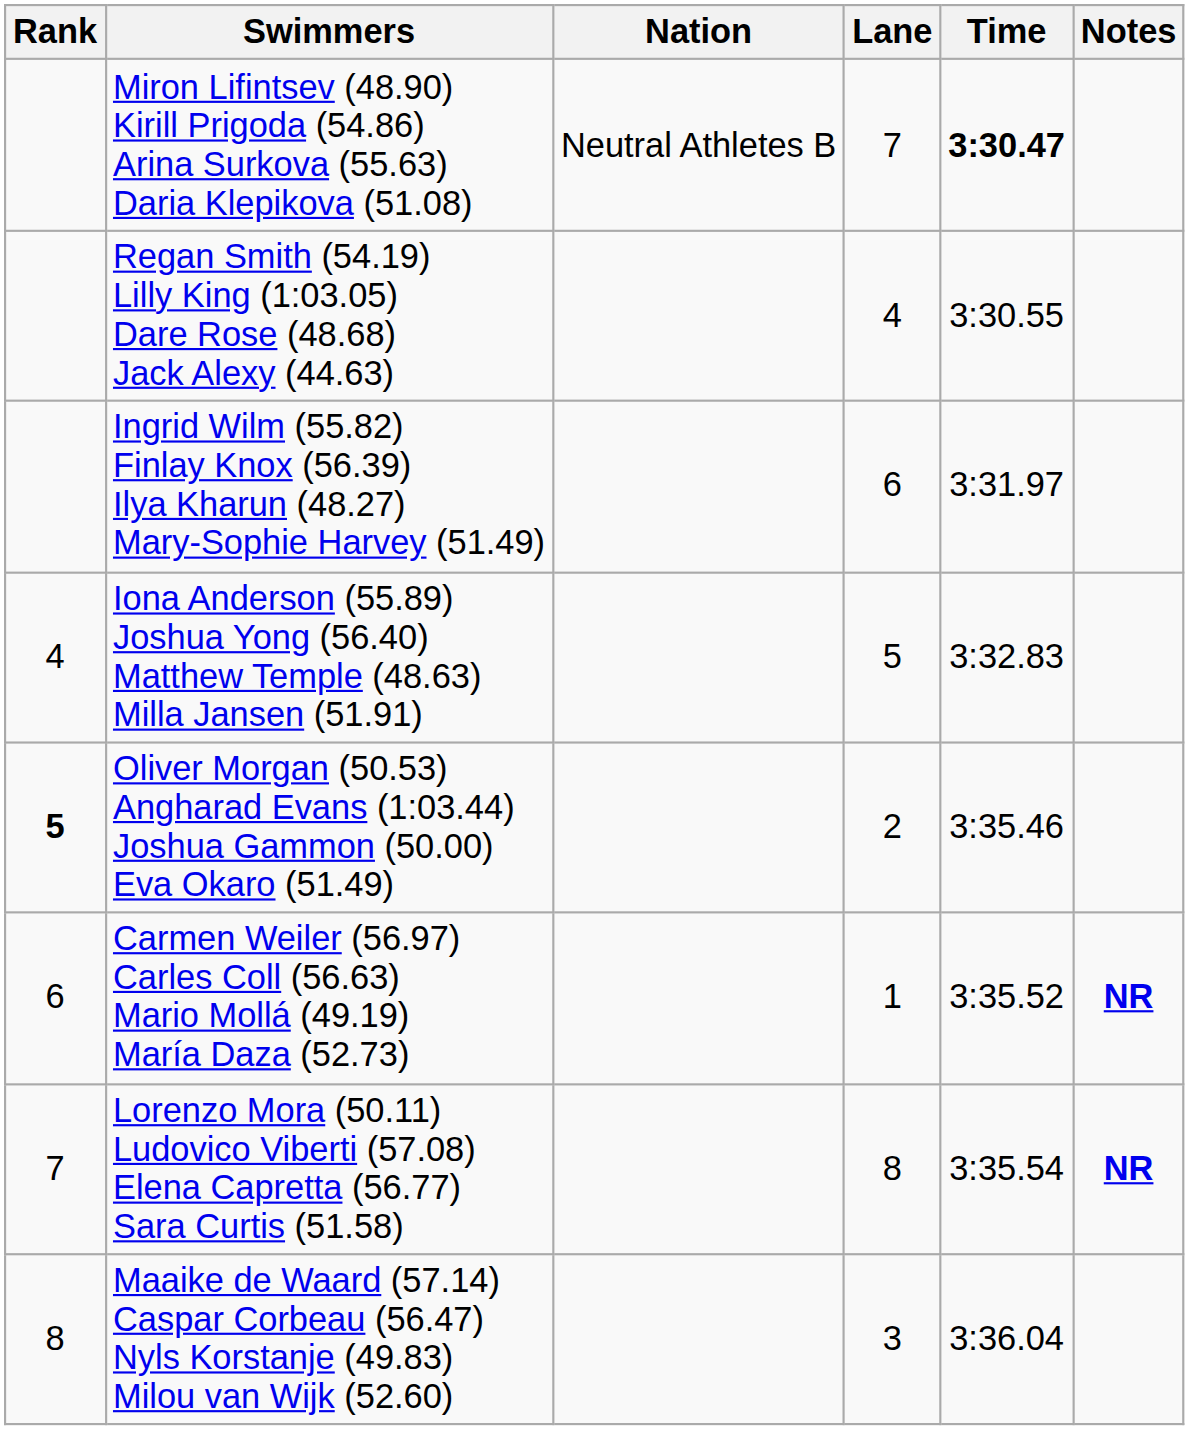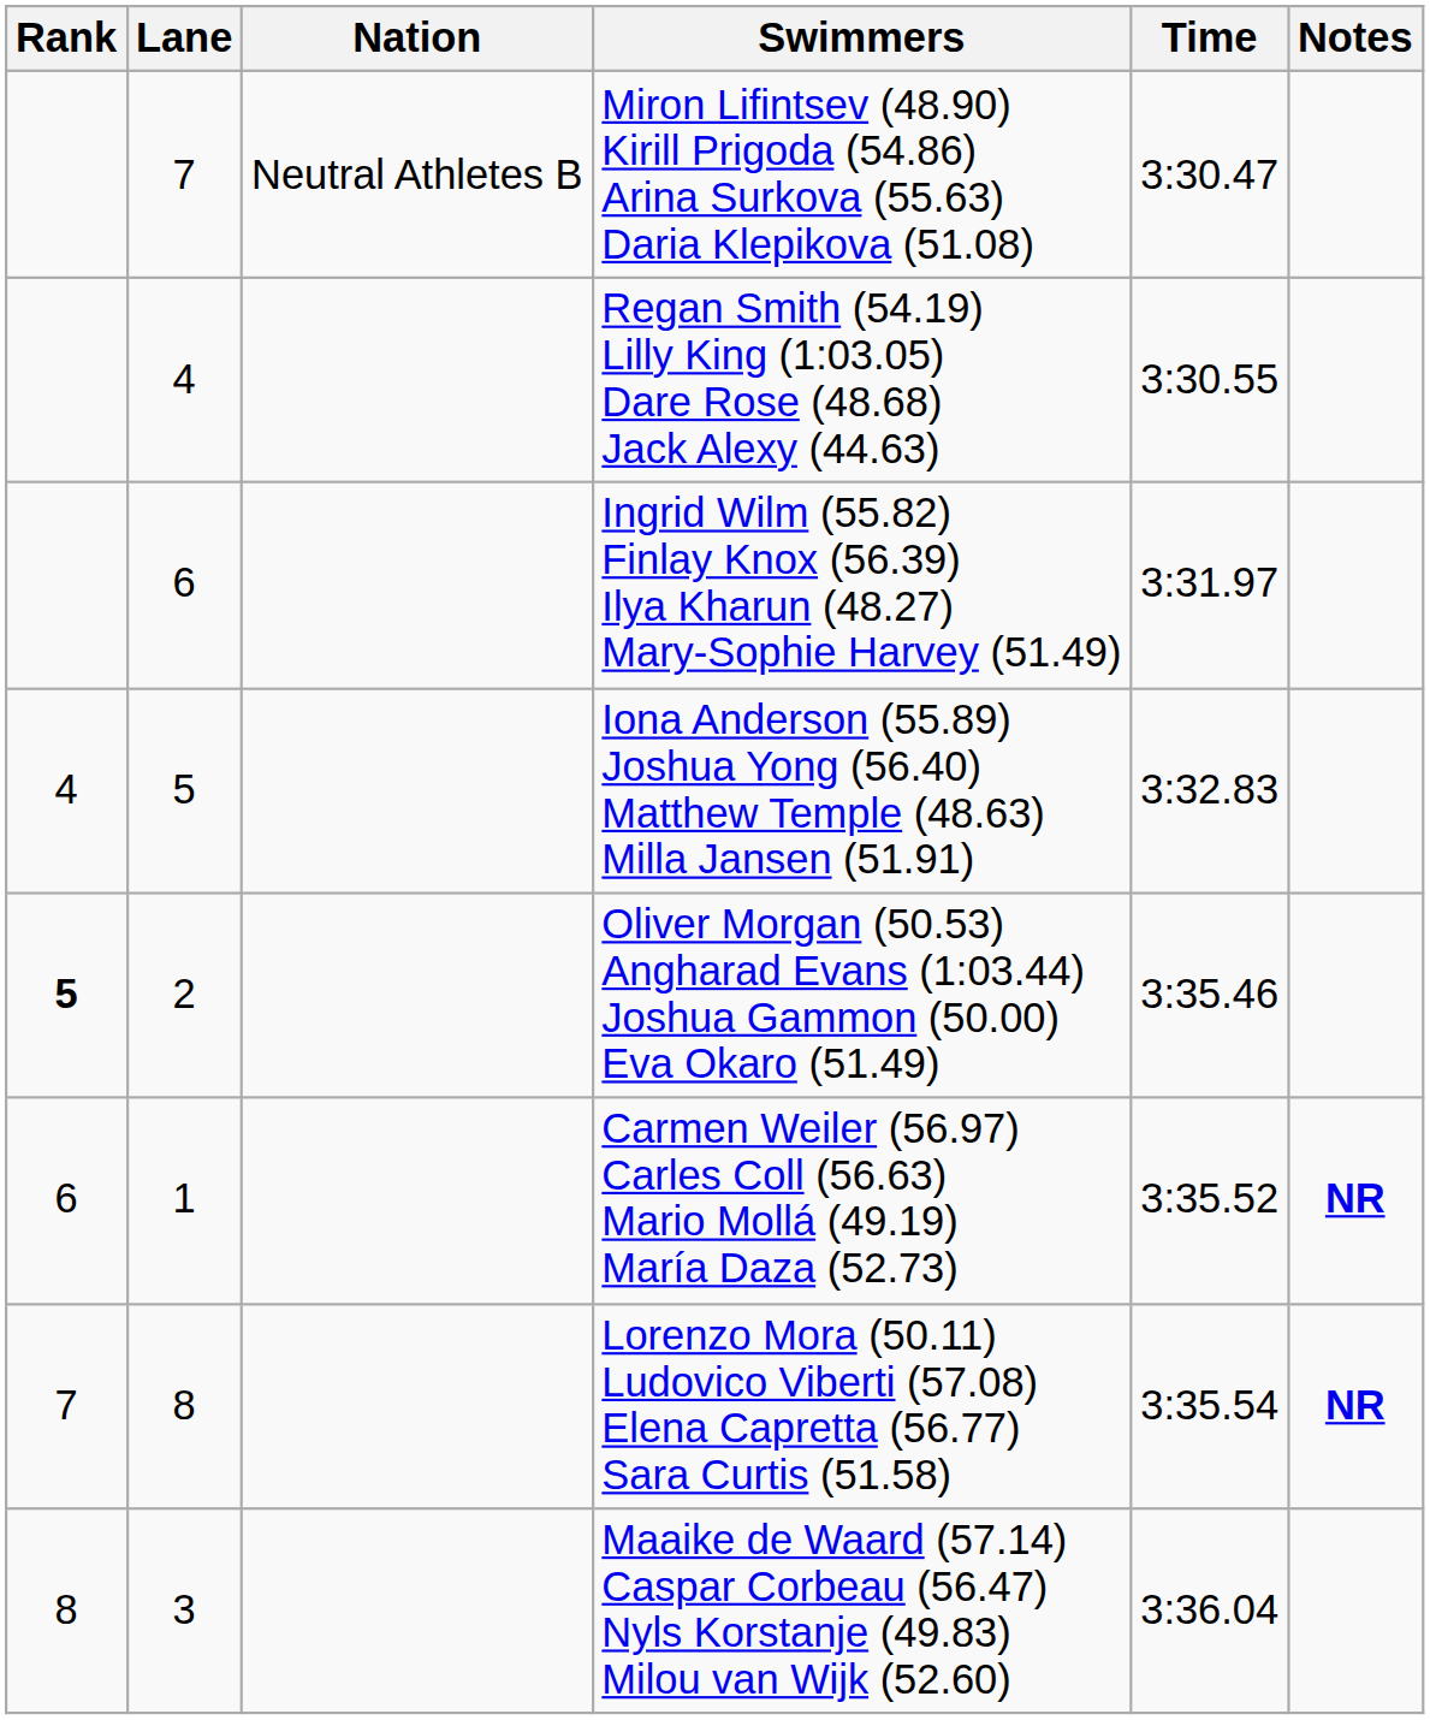 <table class="wikitable sortable" style="text-align:center">
 <tr>
 <th>Rank</th>
+<th>Lane</th>
+<th>Nation</th>
 <th>Swimmers</th>
-<th>Nation</th>
-<th>Lane</th>
 <th>Time</th>
 <th>Notes</th>
 </tr>
 <tr>
 <td></td>
+<td>7</td>
+<td align=left> Neutral Athletes B</td>
 <td align=left><a href='#'>Miron Lifintsev</a> (48.90)<br><a href='#'>Kirill Prigoda</a> (54.86)<br><a href='#'>Arina Surkova</a> (55.63)<br><a href='#'>Daria Klepikova</a> (51.08)</td>
-<td align=left> Neutral Athletes B</td>
-<td>7</td>
-<td><strong>3:30.47</strong></td>
+<td>3:30.47</td>
 <td></td>
 </tr>
 <tr>
 <td></td>
+<td>4</td>
+<td align=left></td>
 <td align=left><a href='#'>Regan Smith</a> (54.19)<br><a href='#'>Lilly King</a> (1:03.05)<br><a href='#'>Dare Rose</a> (48.68)<br><a href='#'>Jack Alexy</a> (44.63)</td>
-<td align=left></td>
-<td>4</td>
 <td>3:30.55</td>
 <td></td>
 </tr>
 <tr>
 <td></td>
+<td>6</td>
+<td align=left></td>
 <td align=left><a href='#'>Ingrid Wilm</a> (55.82)<br><a href='#'>Finlay Knox</a> (56.39)<br><a href='#'>Ilya Kharun</a> (48.27)<br><a href='#'>Mary-Sophie Harvey</a> (51.49)</td>
-<td align=left></td>
-<td>6</td>
 <td>3:31.97</td>
 <td></td>
 </tr>
 <tr>
 <td>4</td>
+<td>5</td>
+<td align=left></td>
 <td align=left><a href='#'>Iona Anderson</a> (55.89)<br><a href='#'>Joshua Yong</a> (56.40)<br><a href='#'>Matthew Temple</a> (48.63)<br><a href='#'>Milla Jansen</a> (51.91)</td>
-<td align=left></td>
-<td>5</td>
 <td>3:32.83</td>
 <td></td>
 </tr>
 <tr>
 <td><strong>5</strong></td>
+<td>2</td>
+<td align=left></td>
 <td align=left><a href='#'>Oliver Morgan</a> (50.53)<br><a href='#'>Angharad Evans</a> (1:03.44)<br><a href='#'>Joshua Gammon</a> (50.00)<br><a href='#'>Eva Okaro</a> (51.49)</td>
-<td align=left></td>
-<td>2</td>
 <td>3:35.46</td>
 <td></td>
 </tr>
 <tr>
 <td>6</td>
+<td>1</td>
+<td align=left></td>
 <td align=left><a href='#'>Carmen Weiler</a> (56.97)<br><a href='#'>Carles Coll</a> (56.63)<br><a href='#'>Mario Mollá</a> (49.19)<br><a href='#'>María Daza</a> (52.73)</td>
-<td align=left></td>
-<td>1</td>
 <td>3:35.52</td>
 <td><strong><a href='#'>NR</a></strong></td>
 </tr>
 <tr>
 <td>7</td>
+<td>8</td>
+<td align=left></td>
 <td align=left><a href='#'>Lorenzo Mora</a> (50.11)<br><a href='#'>Ludovico Viberti</a> (57.08)<br><a href='#'>Elena Capretta</a> (56.77)<br><a href='#'>Sara Curtis</a> (51.58)</td>
-<td align=left></td>
-<td>8</td>
 <td>3:35.54</td>
 <td><strong><a href='#'>NR</a></strong></td>
 </tr>
 <tr>
 <td>8</td>
+<td>3</td>
+<td align=left></td>
 <td align=left><a href='#'>Maaike de Waard</a> (57.14)<br><a href='#'>Caspar Corbeau</a> (56.47)<br><a href='#'>Nyls Korstanje</a> (49.83)<br><a href='#'>Milou van Wijk</a> (52.60)</td>
-<td align=left></td>
-<td>3</td>
 <td>3:36.04</td>
 <td></td>
 </tr>
 </table>
